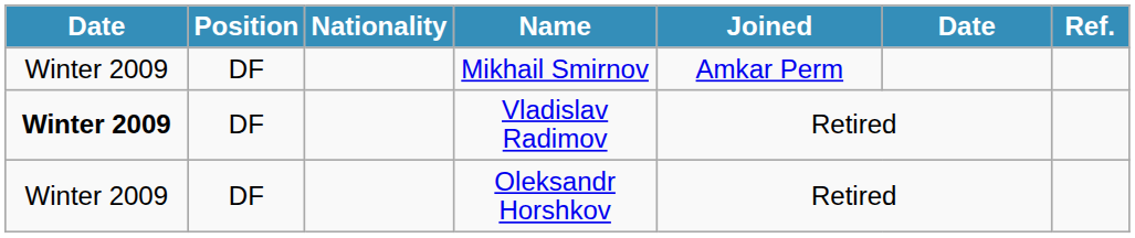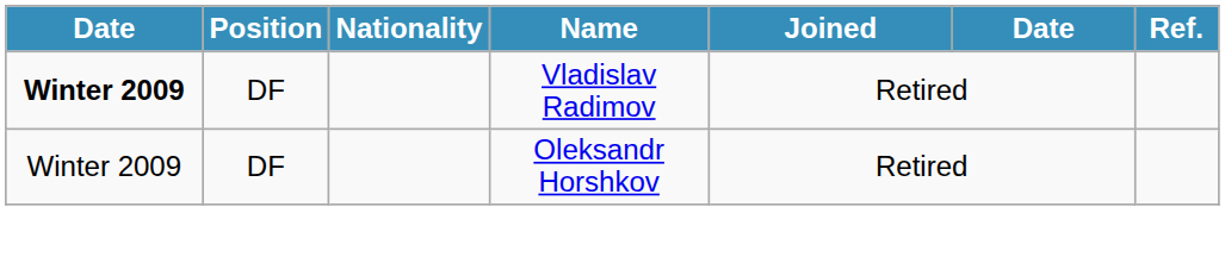 <table class="wikitable" style="text-align:center; font-size:90%; ">
 <tr>
 <th style="background:#348EB9; color:white; width:150px;">Date</th>
 <th style="background:#348EB9; color:white; width:55px;">Position</th>
 <th style="background:#348EB9; color:white; width:55px;">Nationality</th>
 <th style="background:#348EB9; color:white; width:150px;">Name</th>
 <th style="background:#348EB9; color:white; width:200px;">Joined</th>
 <th style="background:#348EB9; color:white; width:150px;">Date</th>
 <th style="background:#348EB9; color:white; width:45px;">Ref.</th>
-</tr>
-<tr>
-<td>Winter 2009</td>
-<td>DF</td>
-<td></td>
-<td><a href='#'>Mikhail Smirnov</a></td>
-<td><a href='#'>Amkar Perm</a></td>
-<td></td>
-<td></td>
 </tr>
 <tr>
 <td><strong>Winter 2009</strong></td>
 <td>DF</td>
 <td></td>
 <td><a href='#'>Vladislav Radimov</a></td>
 <td colspan="2">Retired</td>
 <td></td>
 </tr>
 <tr>
 <td>Winter 2009</td>
 <td>DF</td>
 <td></td>
 <td><a href='#'>Oleksandr Horshkov</a></td>
 <td colspan="2">Retired</td>
 <td></td>
 </tr>
 </table>
